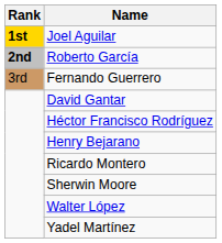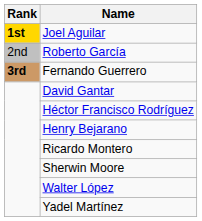 <table class="wikitable">
 <tr>
 <th>Rank</th>
 <th>Name</th>
 </tr>
 <tr>
 <td scope=col style="background-color: gold"><strong>1st</strong></td>
 <td> <a href='#'>Joel Aguilar</a></td>
 </tr>
 <tr>
-<td scope=col style="background-color: silver"><strong>2nd</strong></td>
+<td scope=col style="background-color: silver">2nd</td>
 <td> <a href='#'>Roberto García</a></td>
 </tr>
 <tr>
-<td scope=col style="background-color: #cc9966">3rd</td>
+<td scope=col style="background-color: #cc9966"><strong>3rd</strong></td>
 <td> Fernando Guerrero</td>
 </tr>
 <tr>
 <td rowspan="7"> </td>
 <td> <a href='#'>David Gantar</a></td>
 </tr>
 <tr>
 <td> <a href='#'>Héctor Francisco Rodríguez</a></td>
 </tr>
 <tr>
 <td> <a href='#'>Henry Bejarano</a></td>
 </tr>
 <tr>
 <td> Ricardo Montero</td>
 </tr>
 <tr>
 <td> Sherwin Moore</td>
 </tr>
 <tr>
 <td> <a href='#'>Walter López</a></td>
 </tr>
 <tr>
 <td> Yadel Martínez</td>
 </tr>
 </table>
